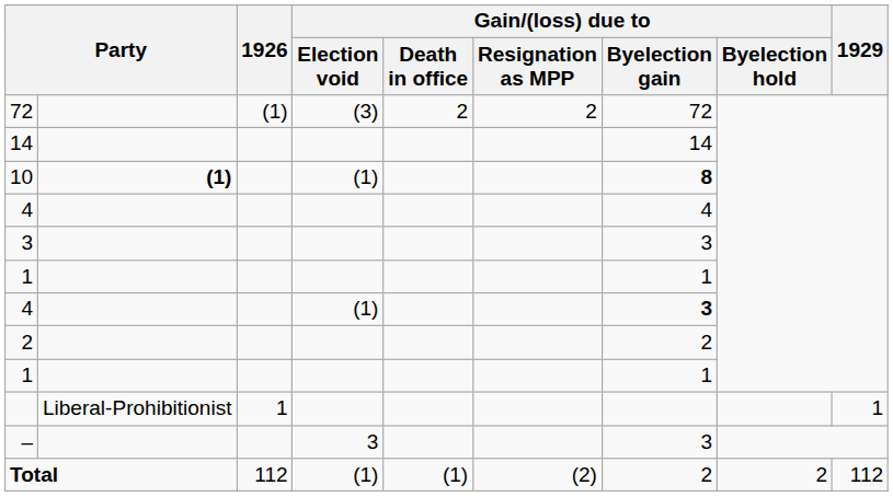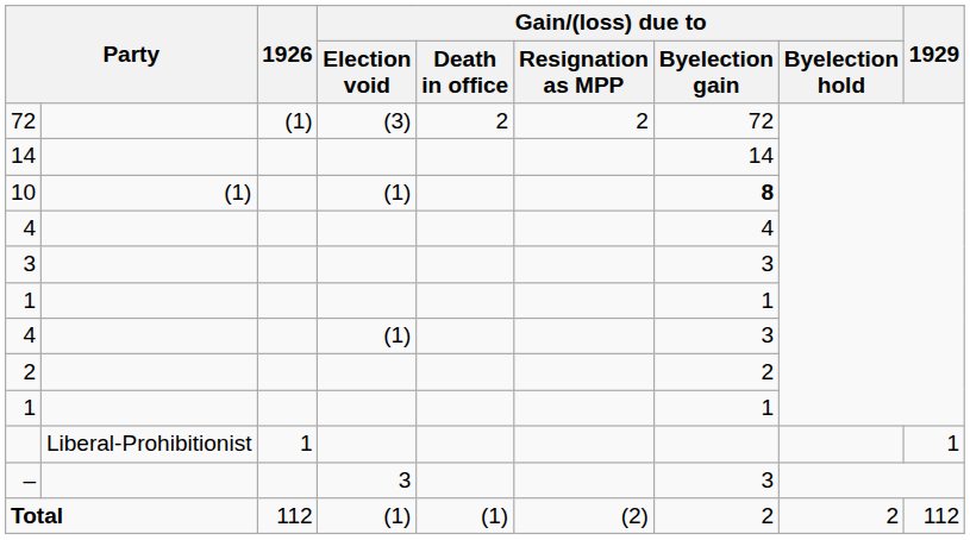 <table class="wikitable" style="text-align:right">
 <tr>
 <th rowspan="2" colspan="2">Party</th>
 <th rowspan="2">1926</th>
 <th colspan="5">Gain/(loss) due to</th>
 <th rowspan="2">1929</th>
 </tr>
 <tr>
 <th>Election<br>void</th>
 <th>Death<br>in office</th>
 <th>Resignation<br>as MPP</th>
 <th>Byelection<br>gain</th>
 <th>Byelection<br>hold</th>
 </tr>
 <tr>
 <td>72</td>
 <td></td>
 <td>(1)</td>
 <td>(3)</td>
 <td>2</td>
 <td>2</td>
 <td>72</td>
 </tr>
 <tr>
 <td>14</td>
 <td></td>
 <td></td>
 <td></td>
 <td></td>
 <td></td>
 <td>14</td>
 </tr>
 <tr>
 <td>10</td>
-<td><strong>(1)</strong></td>
+<td>(1)</td>
 <td></td>
 <td>(1)</td>
 <td></td>
 <td></td>
 <td><strong>8</strong></td>
 </tr>
 <tr>
 <td>4</td>
 <td></td>
 <td></td>
 <td></td>
 <td></td>
 <td></td>
 <td>4</td>
 </tr>
 <tr>
 <td>3</td>
 <td></td>
 <td></td>
 <td></td>
 <td></td>
 <td></td>
 <td>3</td>
 </tr>
 <tr>
 <td>1</td>
 <td></td>
 <td></td>
 <td></td>
 <td></td>
 <td></td>
 <td>1</td>
 </tr>
 <tr>
 <td>4</td>
 <td></td>
 <td></td>
 <td>(1)</td>
 <td></td>
 <td></td>
-<td><strong>3</strong></td>
+<td>3</td>
 </tr>
 <tr>
 <td>2</td>
 <td></td>
 <td></td>
 <td></td>
 <td></td>
 <td></td>
 <td>2</td>
 </tr>
 <tr>
 <td>1</td>
 <td></td>
 <td></td>
 <td></td>
 <td></td>
 <td></td>
 <td>1</td>
 </tr>
 <tr>
 <td></td>
 <td style="text-align:left;">Liberal-Prohibitionist</td>
 <td>1</td>
 <td></td>
 <td></td>
 <td></td>
 <td></td>
 <td></td>
 <td>1</td>
 </tr>
 <tr>
 <td>–</td>
 <td></td>
 <td></td>
 <td>3</td>
 <td></td>
 <td></td>
 <td>3</td>
 </tr>
 <tr>
 <td colspan="2" style="text-align:left;"><strong>Total</strong></td>
 <td>112</td>
 <td>(1)</td>
 <td>(1)</td>
 <td>(2)</td>
 <td>2</td>
 <td>2</td>
 <td>112</td>
 </tr>
 </table>
